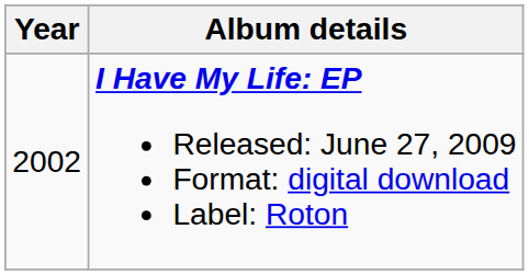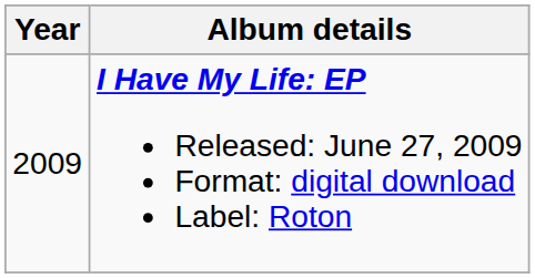 <table class="wikitable">
 <tr>
 <th>Year</th>
 <th>Album details</th>
 </tr>
 <tr>
-<td>2002</td>
+<td>2009</td>
 <td><strong><em><a href='#'>I Have My Life: EP</a></em></strong><br><ul><li>Released: June 27, 2009 </li><li>Format: <a href='#'>digital download</a></li><li>Label: <a href='#'>Roton</a></li></ul></td>
 </tr>
 </table>
